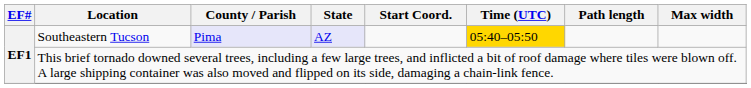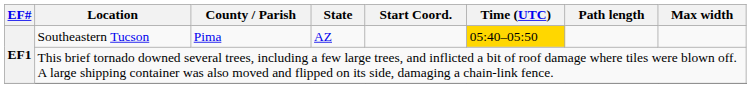 <table class="wikitable sortable" style="width:100%;">
 <tr>
 <th scope="col" width="2%" align="center"><a href='#'>EF#</a></th>
 <th scope="col" align="center" class="unsortable">Location</th>
 <th scope="col" align="center" class="unsortable">County / Parish</th>
 <th scope="col" align="center">State</th>
 <th scope="col" align="center">Start Coord.</th>
 <th scope="col" align="center">Time (<a href='#'>UTC</a>)</th>
 <th scope="col" align="center">Path length</th>
 <th scope="col" align="center">Max width</th>
 </tr>
 <tr>
 <th scope="row" rowspan="2" style="background-color:#">EF1</th>
 <td>Southeastern <a href='#'>Tucson</a></td>
-<td style="background: lavender;"><a href='#'>Pima</a></td>
-<td style="background: lavender;"><a href='#'>AZ</a></td>
+<td><a href='#'>Pima</a></td>
+<td><a href='#'>AZ</a></td>
 <td></td>
 <td style="background: gold;">05:40–05:50</td>
 <td></td>
 <td></td>
 </tr>
 <tr class="expand-child">
 <td colspan="8" style=" border-bottom: 1px solid black;">This brief tornado downed several trees, including a few large trees, and inflicted a bit of roof damage where tiles were blown off. A large shipping container was also moved and flipped on its side, damaging a chain-link fence.</td>
 </tr>
 <tr>
 </tr>
 </table>
